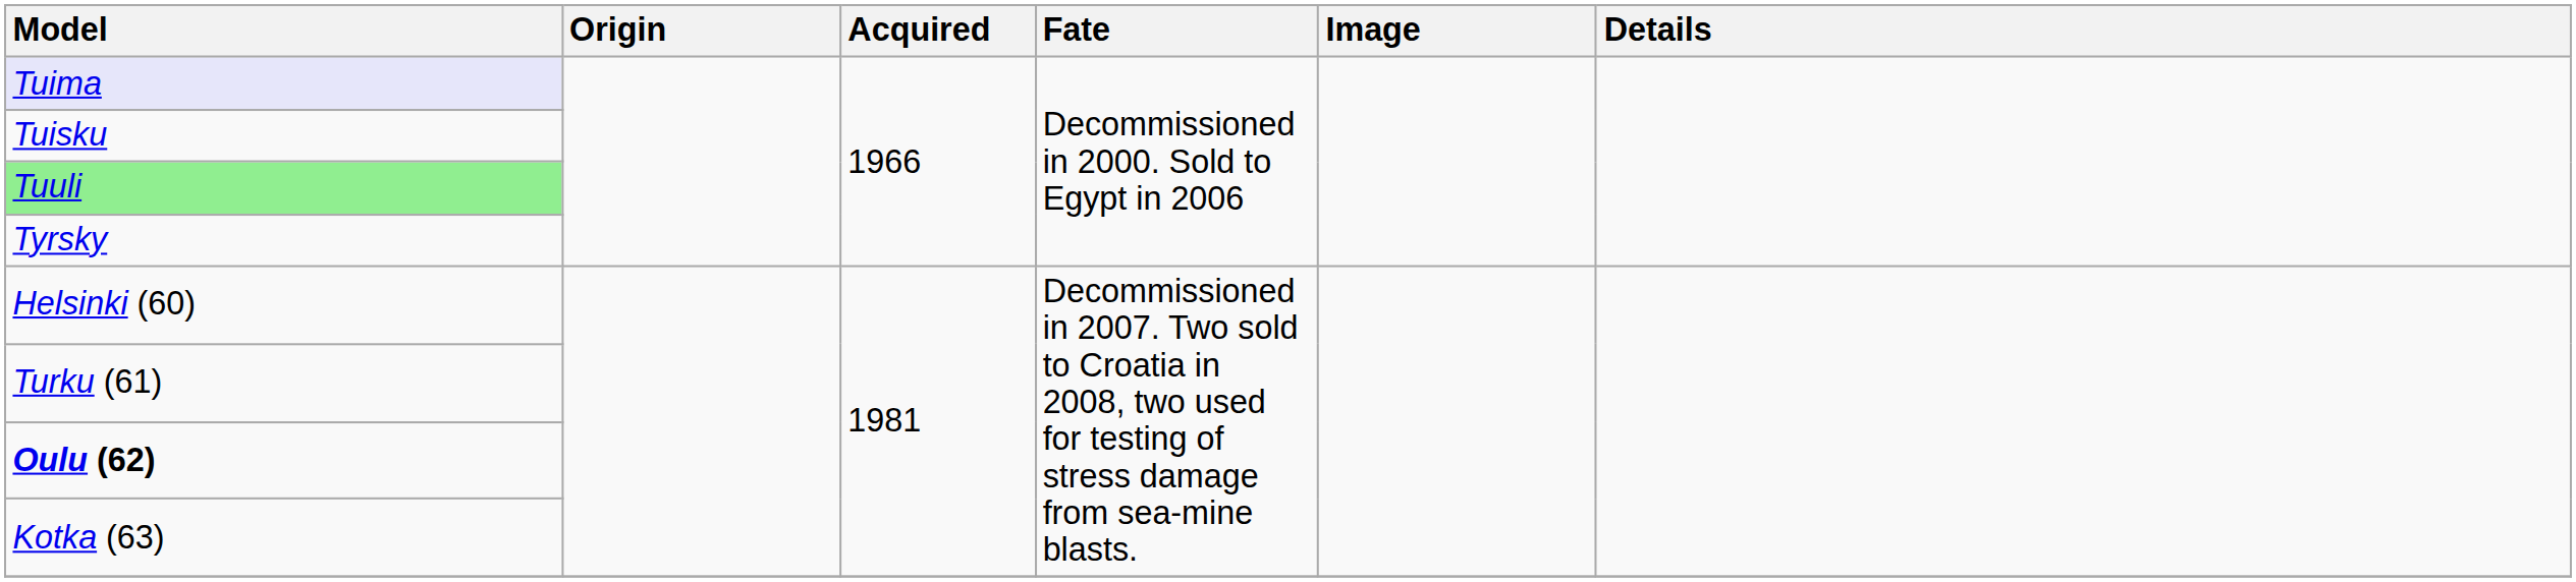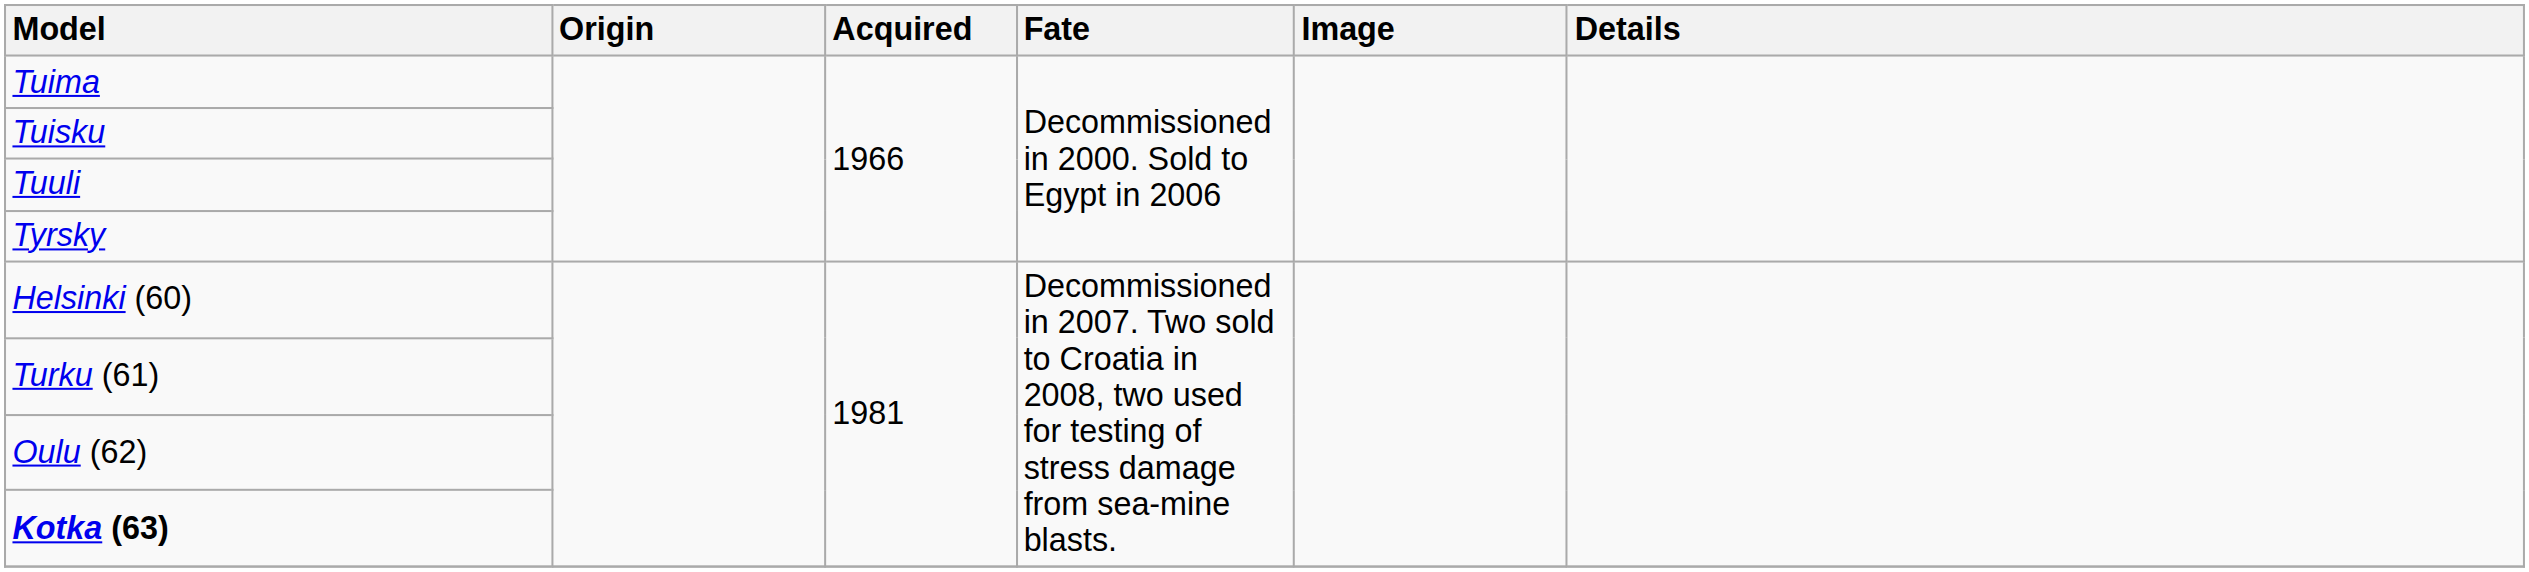 <table class="wikitable">
 <tr>
 <th style="text-align: left; width:20%;">Model</th>
 <th style="text-align: left; width:10%;">Origin</th>
 <th style="text-align: left; width:7%;">Acquired</th>
 <th style="text-align: left; width:7%;">Fate</th>
 <th style="text-align: left; width:10%;">Image</th>
 <th style="text-align: left; width:35%;">Details</th>
 </tr>
 <tr>
-<td style="background: lavender;"><a href='#'><em>Tuima</em></a></td>
+<td><a href='#'><em>Tuima</em></a></td>
 <td rowspan="4"></td>
 <td rowspan="4">1966</td>
 <td rowspan="4">Decommissioned in 2000. Sold to Egypt in 2006</td>
 <td rowspan="4"></td>
 <td rowspan="4"></td>
 </tr>
 <tr>
 <td><a href='#'><em>Tuisku</em></a></td>
 </tr>
 <tr>
-<td style="background: lightgreen;"><a href='#'><em>Tuuli</em></a></td>
+<td><a href='#'><em>Tuuli</em></a></td>
 </tr>
 <tr>
 <td><a href='#'><em>Tyrsky</em></a></td>
 </tr>
 <tr>
 <td><a href='#'><em>Helsinki</em></a> (60)</td>
 <td rowspan="4"></td>
 <td rowspan="4">1981</td>
 <td rowspan="4">Decommissioned in 2007. Two sold to Croatia in 2008, two used for testing of stress damage from sea-mine blasts.</td>
 <td rowspan="4"></td>
 <td rowspan="4"></td>
 </tr>
 <tr>
 <td><a href='#'><em>Turku</em></a> (61)</td>
 </tr>
 <tr>
-<td><strong><a href='#'><em>Oulu</em></a> (62)</strong></td>
+<td><a href='#'><em>Oulu</em></a> (62)</td>
 </tr>
 <tr>
-<td><a href='#'><em>Kotka</em></a> (63)</td>
+<td><strong><a href='#'><em>Kotka</em></a> (63)</strong></td>
 </tr>
 <tr>
 </tr>
 </table>
